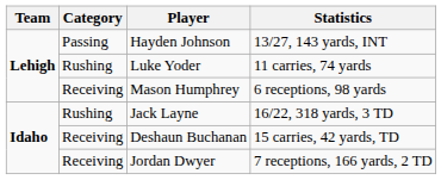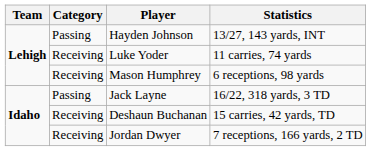 <table class="wikitable" style="float: right;">
 <tr>
 <th>Team</th>
 <th>Category</th>
 <th>Player</th>
 <th>Statistics</th>
 </tr>
 <tr>
 <td rowspan=3><strong>Lehigh</strong></td>
 <td>Passing</td>
 <td>Hayden Johnson</td>
 <td>13/27, 143 yards, INT</td>
 </tr>
 <tr>
-<td>Rushing</td>
+<td>Receiving</td>
 <td>Luke Yoder</td>
 <td>11 carries, 74 yards</td>
 </tr>
 <tr>
 <td>Receiving</td>
 <td>Mason Humphrey</td>
 <td>6 receptions, 98 yards</td>
 </tr>
 <tr>
 <td rowspan=3><strong>Idaho</strong></td>
-<td>Rushing</td>
+<td>Passing</td>
 <td>Jack Layne</td>
 <td>16/22, 318 yards, 3 TD</td>
 </tr>
 <tr>
 <td>Receiving</td>
 <td>Deshaun Buchanan</td>
 <td>15 carries, 42 yards, TD</td>
 </tr>
 <tr>
 <td>Receiving</td>
 <td>Jordan Dwyer</td>
 <td>7 receptions, 166 yards, 2 TD</td>
 </tr>
 </table>
